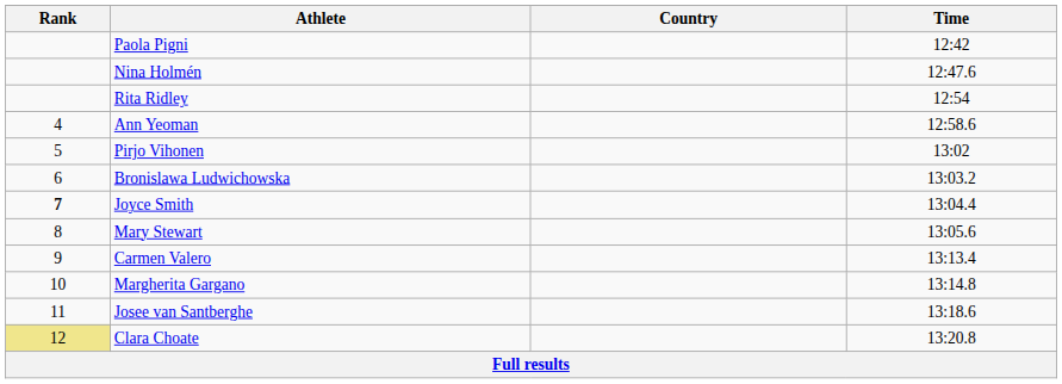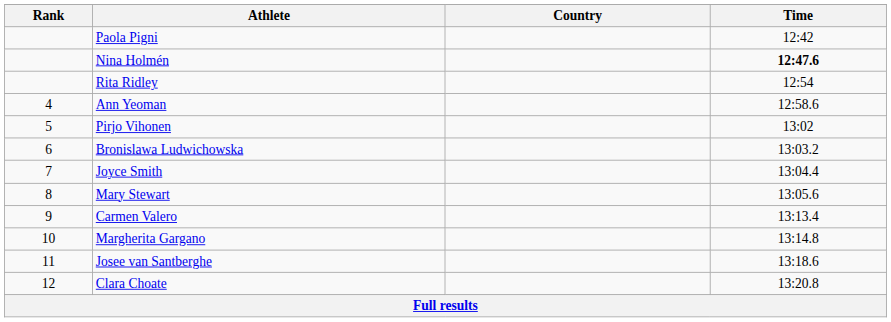 <table class="wikitable sortable" style=" text-align:center; font-size:95%;" width="50%">
 <tr>
 </tr>
 <tr>
 <th width=5%>Rank</th>
 <th width=20%>Athlete</th>
 <th width=15%>Country</th>
 <th width=10%>Time</th>
 </tr>
 <tr>
 <td align=center></td>
 <td align=left><a href='#'>Paola Pigni</a></td>
 <td align=left></td>
 <td>12:42</td>
 </tr>
 <tr>
 <td align=center></td>
 <td align=left><a href='#'>Nina Holmén</a></td>
 <td align=left></td>
-<td>12:47.6</td>
+<td><strong>12:47.6</strong></td>
 </tr>
 <tr>
 <td align=center></td>
 <td align=left><a href='#'>Rita Ridley</a></td>
 <td align=left></td>
 <td>12:54</td>
 </tr>
 <tr>
 <td align=center>4</td>
 <td align=left><a href='#'>Ann Yeoman</a></td>
 <td align=left></td>
 <td>12:58.6</td>
 </tr>
 <tr>
 <td align=center>5</td>
 <td align=left><a href='#'>Pirjo Vihonen</a></td>
 <td align=left></td>
 <td>13:02</td>
 </tr>
 <tr>
 <td align=center>6</td>
 <td align=left><a href='#'>Bronislawa Ludwichowska</a></td>
 <td align=left></td>
 <td>13:03.2</td>
 </tr>
 <tr>
-<td align=center><strong>7</strong></td>
+<td align=center>7</td>
 <td align=left><a href='#'>Joyce Smith</a></td>
 <td align=left></td>
 <td>13:04.4</td>
 </tr>
 <tr>
 <td align=center>8</td>
 <td align=left><a href='#'>Mary Stewart</a></td>
 <td align=left></td>
 <td>13:05.6</td>
 </tr>
 <tr>
 <td align=center>9</td>
 <td align=left><a href='#'>Carmen Valero</a></td>
 <td align=left></td>
 <td>13:13.4</td>
 </tr>
 <tr>
 <td align=center>10</td>
 <td align=left><a href='#'>Margherita Gargano</a></td>
 <td align=left></td>
 <td>13:14.8</td>
 </tr>
 <tr>
 <td align=center>11</td>
 <td align=left><a href='#'>Josee van Santberghe</a></td>
 <td align=left></td>
 <td>13:18.6</td>
 </tr>
 <tr>
-<td align=center style="background: khaki;">12</td>
+<td align=center>12</td>
 <td align=left><a href='#'>Clara Choate</a></td>
 <td align=left></td>
 <td>13:20.8</td>
 </tr>
 <tr class="sortbottom">
 <th colspan=4 align=center><a href='#'>Full results</a></th>
 </tr>
 </table>
